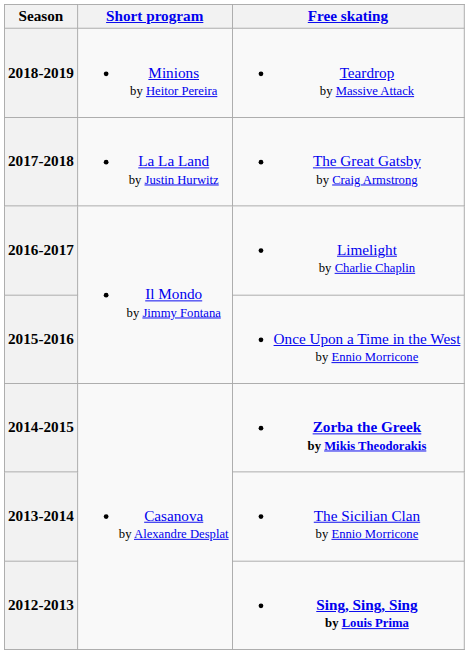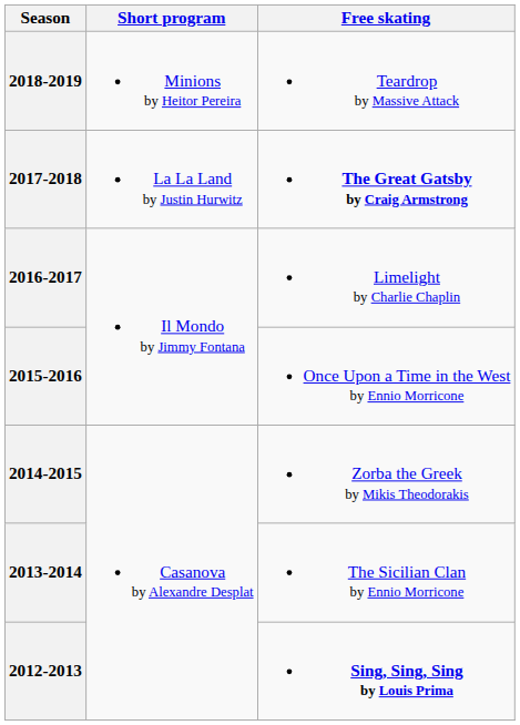 <table class=wikitable style=text-align:center>
 <tr>
 <th>Season</th>
 <th><a href='#'>Short program</a></th>
 <th><a href='#'>Free skating</a></th>
 </tr>
 <tr>
 <th>2018-2019</th>
 <td><br><ul><li><a href='#'>Minions</a> <br><small> by <a href='#'>Heitor Pereira</a> </small></li></ul></td>
 <td><br><ul><li><a href='#'>Teardrop</a> <br><small> by <a href='#'>Massive Attack</a> </small></li></ul></td>
 </tr>
 <tr>
 <th>2017-2018</th>
 <td><br><ul><li><a href='#'>La La Land</a> <br><small> by <a href='#'>Justin Hurwitz</a> </small></li></ul></td>
-<td><br><ul><li><a href='#'>The Great Gatsby</a> <br><small> by <a href='#'>Craig Armstrong</a> </small></li></ul></td>
+<td><strong><br><ul><li><a href='#'>The Great Gatsby</a> <br><small> by <a href='#'>Craig Armstrong</a> </small></li></ul></strong></td>
 </tr>
 <tr>
 <th>2016-2017</th>
 <td rowspan=2><br><ul><li><a href='#'>Il Mondo</a> <br><small> by <a href='#'>Jimmy Fontana</a> </small></li></ul></td>
 <td><br><ul><li><a href='#'>Limelight</a> <br><small> by <a href='#'>Charlie Chaplin</a> </small></li></ul></td>
 </tr>
 <tr>
 <th>2015-2016</th>
 <td><br><ul><li><a href='#'>Once Upon a Time in the West</a> <br><small> by <a href='#'>Ennio Morricone</a> </small></li></ul></td>
 </tr>
 <tr>
 <th>2014-2015</th>
 <td rowspan=3><br><ul><li><a href='#'>Casanova</a> <br><small> by <a href='#'>Alexandre Desplat</a> </small></li></ul></td>
-<td><strong><br><ul><li><a href='#'>Zorba the Greek</a><br><small> by <a href='#'>Mikis Theodorakis</a> </small></li></ul></strong></td>
+<td><br><ul><li><a href='#'>Zorba the Greek</a><br><small> by <a href='#'>Mikis Theodorakis</a> </small></li></ul></td>
 </tr>
 <tr>
 <th>2013-2014 <br> </th>
 <td><br><ul><li><a href='#'>The Sicilian Clan</a> <br><small> by <a href='#'>Ennio Morricone</a> </small></li></ul></td>
 </tr>
 <tr>
 <th>2012-2013 <br> </th>
 <td><strong><br><ul><li><a href='#'>Sing, Sing, Sing</a> <br><small> by <a href='#'>Louis Prima</a> </small></li></ul></strong></td>
 </tr>
 </table>
